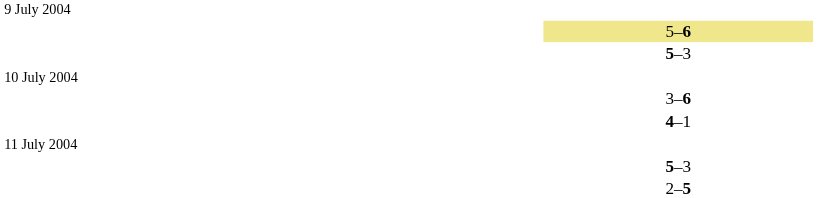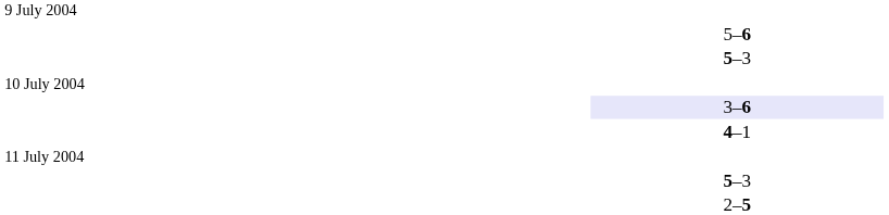 <table width=100% cellspacing=1>
 <tr>
 <th width=40%></th>
 <th width=20%></th>
 <th></th>
 </tr>
 <tr>
 <td><small>9 July 2004</small></td>
 </tr>
 <tr>
 <td align=right></td>
-<td align=center style="background: khaki;">5–<strong>6</strong></td>
+<td align=center>5–<strong>6</strong></td>
 <td><strong></strong></td>
 </tr>
 <tr>
 <td align=right><strong></strong></td>
 <td align=center><strong>5</strong>–3</td>
 <td></td>
 </tr>
 <tr>
 <td><small>10 July 2004</small></td>
 </tr>
 <tr>
 <td align=right></td>
-<td align=center>3–<strong>6</strong></td>
+<td align=center style="background: lavender;">3–<strong>6</strong></td>
 <td><strong></strong></td>
 </tr>
 <tr>
 <td align=right><strong></strong></td>
 <td align=center><strong>4</strong>–1</td>
 <td></td>
 </tr>
 <tr>
 <td><small>11 July 2004</small></td>
 </tr>
 <tr>
 <td align=right><strong></strong></td>
 <td align=center><strong>5</strong>–3</td>
 <td></td>
 </tr>
 <tr>
 <td align=right></td>
 <td align=center>2–<strong>5</strong></td>
 <td><strong></strong></td>
 </tr>
 </table>
